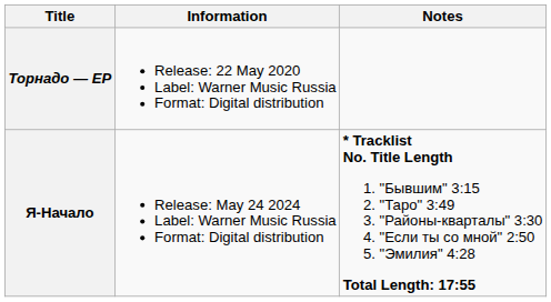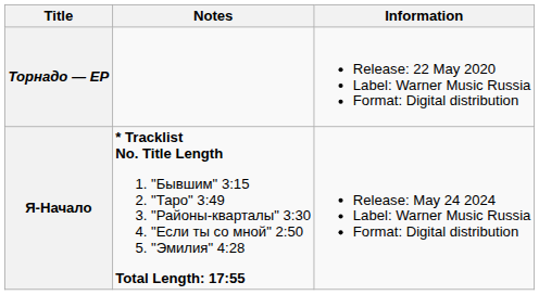 <table class="wikitable" style="font-size: 100%">
 <tr>
 <th>Title</th>
+<th>Notes</th>
 <th>Information</th>
-<th>Notes</th>
 </tr>
 <tr>
 <th scope="row"><strong><em>Торнадо — EP</em></strong></th>
+<td></td>
 <td><br><ul><li>Release: 22 May 2020</li><li>Label: Warner Music Russia</li><li>Format: Digital distribution</li></ul></td>
-<td></td>
 </tr>
 <tr>
 <th>Я-Начало</th>
+<td><strong>* Tracklist</strong><br><strong>No. Title                           Length</strong><ol><li>"Бывшим"                    3:15</li><li>"Таро"                          3:49</li><li>"Районы-кварталы"    3:30</li><li>"Если ты со мной"      2:50</li><li>"Эмилия"                     4:28</li></ol><strong>Total Length:   17:55</strong></td>
 <td><br><ul><li>Release: May 24 2024</li><li>Label: Warner Music Russia</li><li>Format: Digital distribution</li></ul></td>
-<td><strong>* Tracklist</strong><br><strong>No. Title                           Length</strong><ol><li>"Бывшим"                    3:15</li><li>"Таро"                          3:49</li><li>"Районы-кварталы"    3:30</li><li>"Если ты со мной"      2:50</li><li>"Эмилия"                     4:28</li></ol><strong>Total Length:   17:55</strong></td>
 </tr>
 </table>
